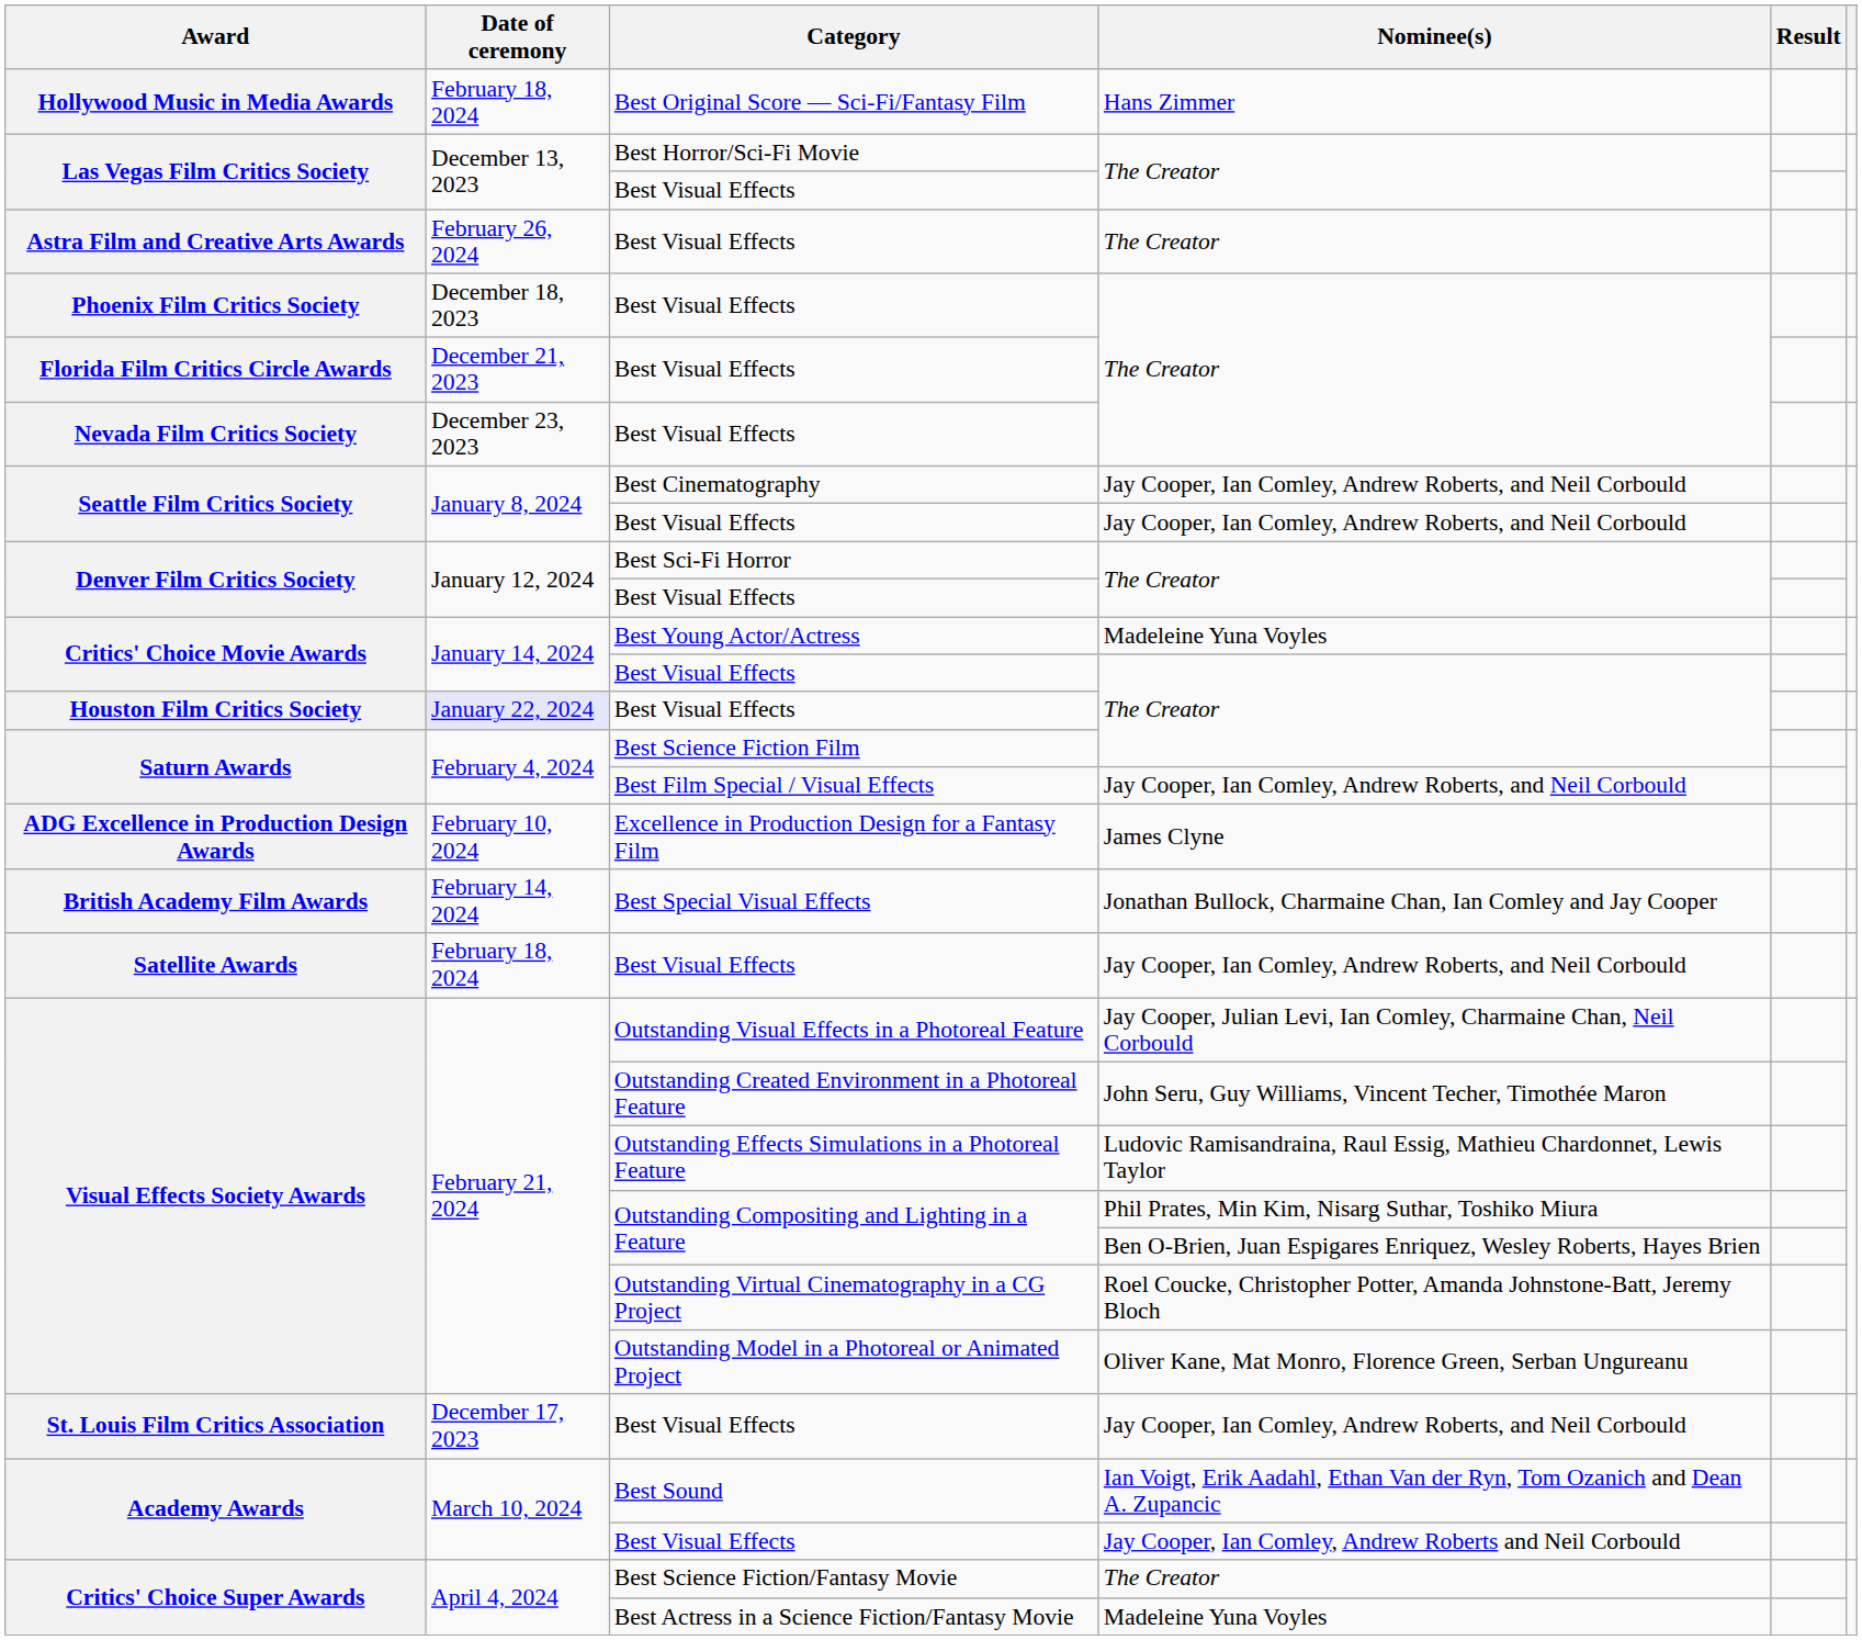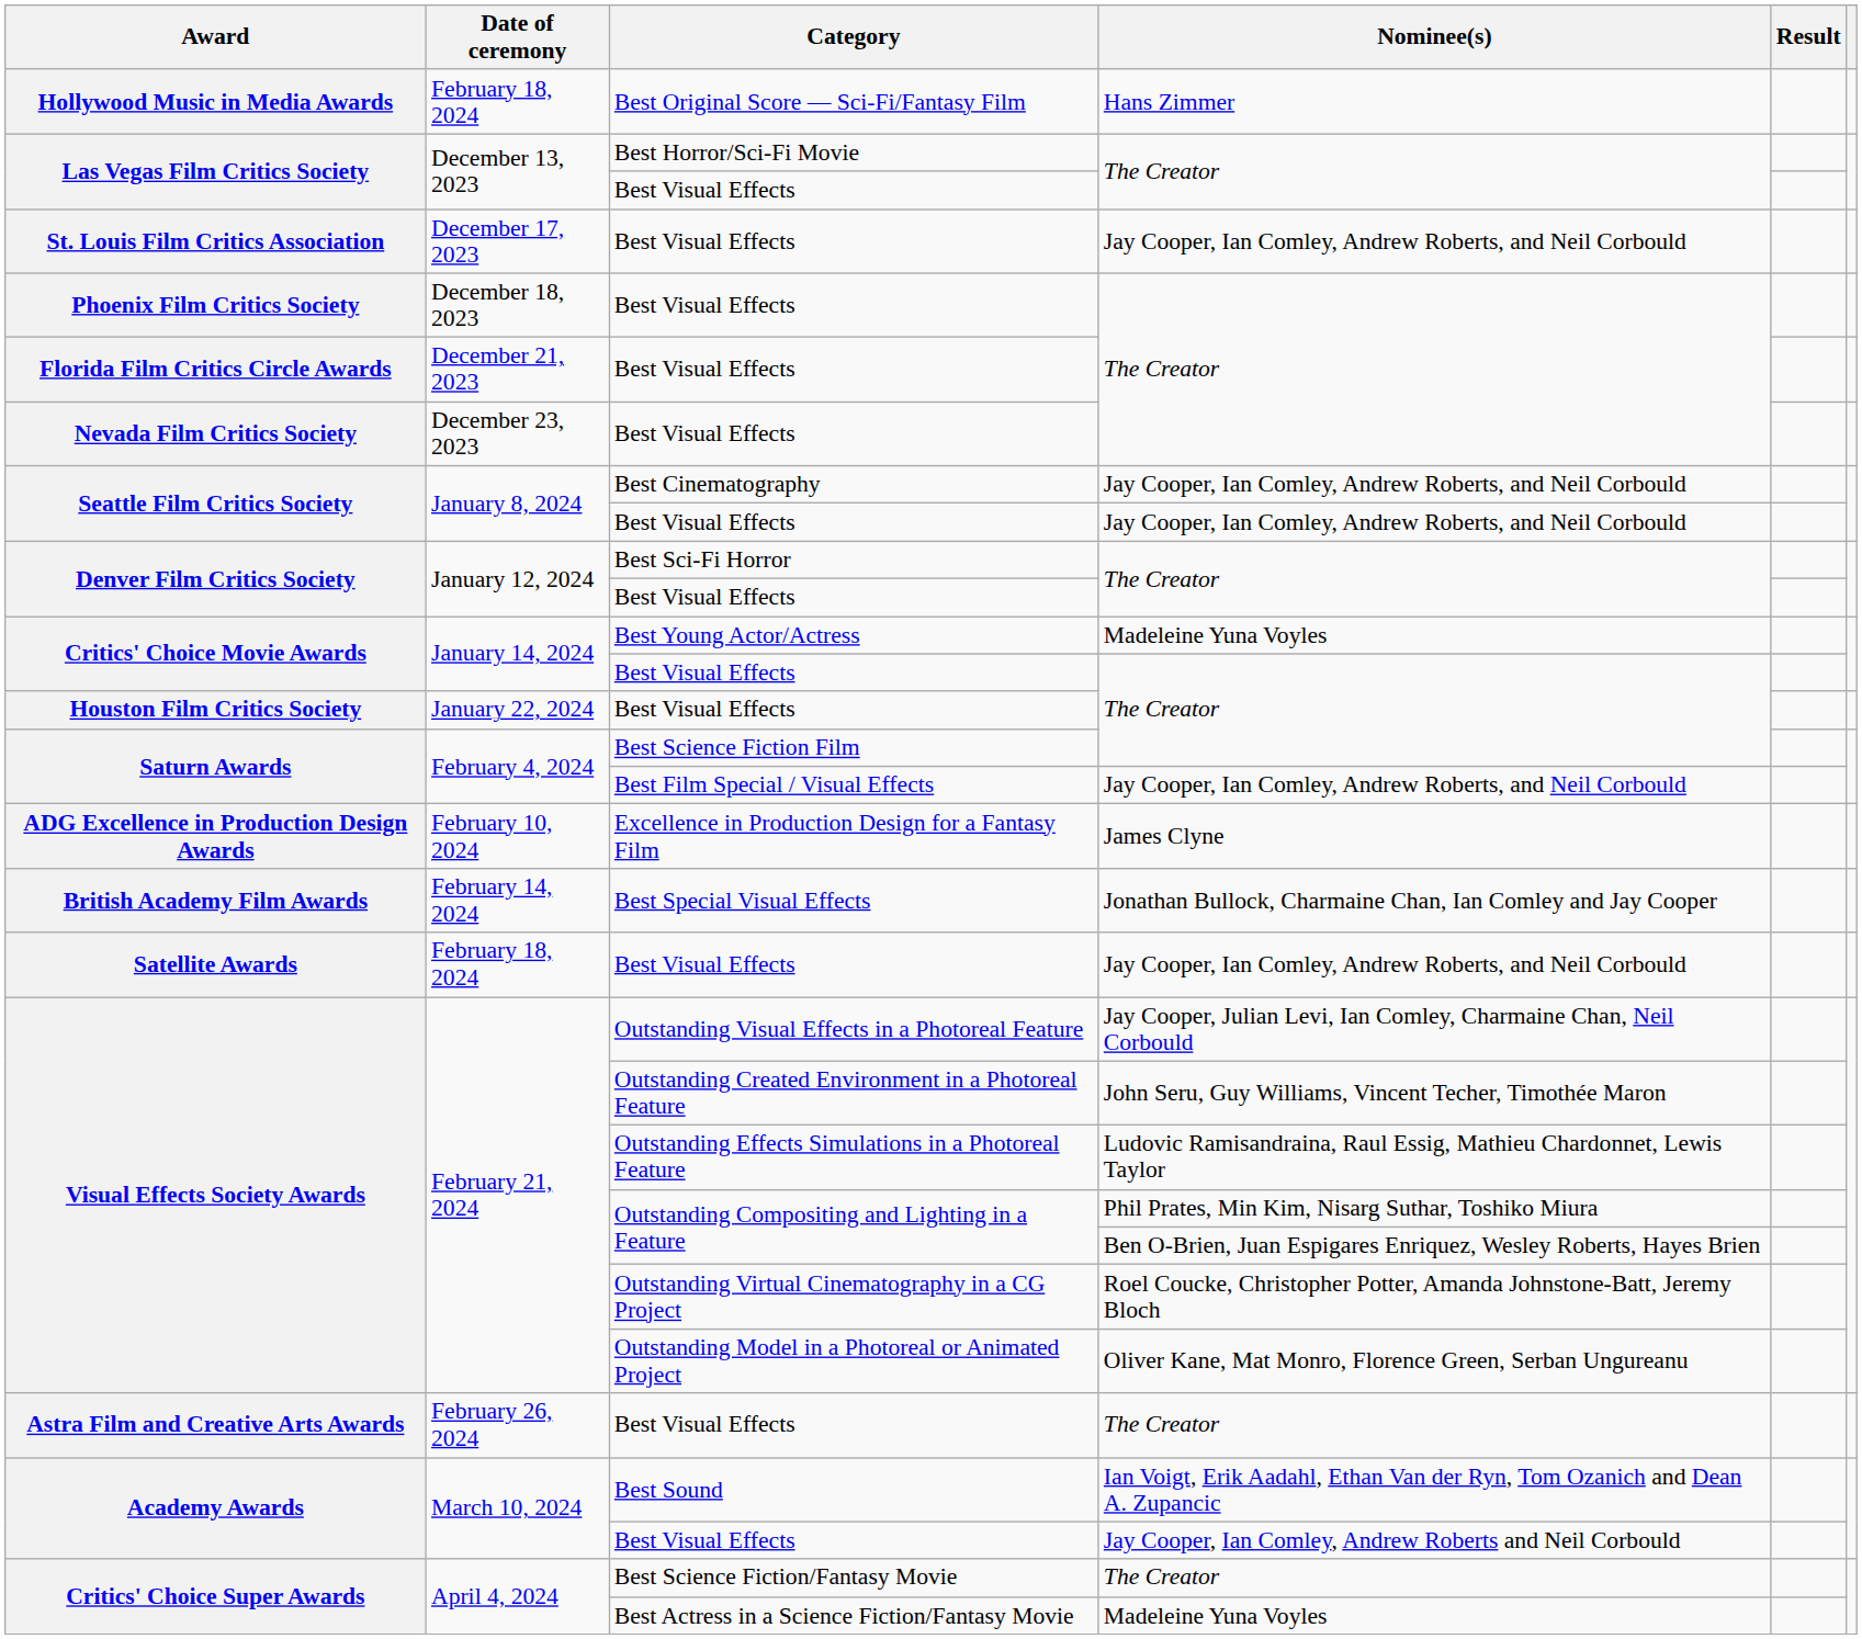 <table class="wikitable sortable plainrowheaders" style="width: 99%">
 <tr>
 <th scope="col">Award</th>
 <th scope="col">Date of ceremony</th>
 <th scope="col">Category</th>
 <th scope="col">Nominee(s)</th>
 <th scope="col">Result</th>
 <th scope="col" class="unsortable"></th>
 </tr>
 <tr>
 <th scope="row"><a href='#'>Hollywood Music in Media Awards</a></th>
 <td><a href='#'>February 18, 2024</a></td>
 <td><a href='#'>Best Original Score — Sci-Fi/Fantasy Film</a></td>
 <td><a href='#'>Hans Zimmer</a></td>
 <td></td>
 <td align="center"></td>
 </tr>
 <tr>
 <th rowspan="2" scope="row"><a href='#'>Las Vegas Film Critics Society</a></th>
 <td rowspan="2">December 13, 2023</td>
 <td>Best Horror/Sci-Fi Movie</td>
 <td rowspan="2"><em>The Creator</em></td>
 <td></td>
 <td rowspan="2" align="center"></td>
 </tr>
 <tr>
 <td>Best Visual Effects</td>
 <td></td>
 </tr>
 <tr>
-<th scope="row"><a href='#'>Astra Film and Creative Arts Awards</a></th>
-<td><a href='#'>February 26, 2024</a></td>
+<th scope="row"><a href='#'>St. Louis Film Critics Association</a></th>
+<td><a href='#'>December 17, 2023</a></td>
 <td>Best Visual Effects</td>
-<td><em>The Creator</em></td>
+<td>Jay Cooper, Ian Comley, Andrew Roberts, and Neil Corbould</td>
 <td></td>
 <td align="center"></td>
 </tr>
 <tr>
 <th scope="row"><a href='#'>Phoenix Film Critics Society</a></th>
 <td>December 18, 2023</td>
 <td>Best Visual Effects</td>
 <td rowspan="3"><em>The Creator</em></td>
 <td></td>
 <td rowspan="1" align="center"></td>
 </tr>
 <tr>
 <th scope="row"><a href='#'>Florida Film Critics Circle Awards</a></th>
 <td><a href='#'>December 21, 2023</a></td>
 <td>Best Visual Effects</td>
 <td></td>
 <td align="center"></td>
 </tr>
 <tr>
 <th scope="row"><a href='#'>Nevada Film Critics Society</a></th>
 <td>December 23, 2023</td>
 <td>Best Visual Effects</td>
 <td></td>
 <td align="center"></td>
 </tr>
 <tr>
 <th rowspan="2" scope="row"><a href='#'>Seattle Film Critics Society</a></th>
 <td rowspan="2"><a href='#'>January 8, 2024</a></td>
 <td>Best Cinematography</td>
 <td>Jay Cooper, Ian Comley, Andrew Roberts, and Neil Corbould</td>
 <td></td>
 <td rowspan="2" align="center"></td>
 </tr>
 <tr>
 <td>Best Visual Effects</td>
 <td>Jay Cooper, Ian Comley, Andrew Roberts, and Neil Corbould</td>
 <td></td>
 </tr>
 <tr>
 <th rowspan="2" scope="row"><a href='#'>Denver Film Critics Society</a></th>
 <td rowspan="2">January 12, 2024</td>
 <td>Best Sci-Fi Horror</td>
 <td rowspan="2"><em>The Creator</em></td>
 <td></td>
 <td rowspan="2" align="center"></td>
 </tr>
 <tr>
 <td>Best Visual Effects</td>
 <td></td>
 </tr>
 <tr>
 <th rowspan="2" scope="row"><a href='#'>Critics' Choice Movie Awards</a></th>
 <td rowspan="2"><a href='#'>January 14, 2024</a></td>
 <td><a href='#'>Best Young Actor/Actress</a></td>
 <td>Madeleine Yuna Voyles</td>
 <td></td>
 <td rowspan="2" align="center"></td>
 </tr>
 <tr>
 <td><a href='#'>Best Visual Effects</a></td>
 <td rowspan="3"><em>The Creator</em></td>
 <td></td>
 </tr>
 <tr>
 <th scope="row"><a href='#'>Houston Film Critics Society</a></th>
-<td style="background: lavender;"><a href='#'>January 22, 2024</a></td>
+<td><a href='#'>January 22, 2024</a></td>
 <td>Best Visual Effects</td>
 <td></td>
 <td align="center"><br></td>
 </tr>
 <tr>
 <th scope="row" rowspan="2"><a href='#'>Saturn Awards</a></th>
 <td rowspan="2"><a href='#'>February 4, 2024</a></td>
 <td><a href='#'>Best Science Fiction Film</a></td>
 <td></td>
 <td align="center" rowspan="2"></td>
 </tr>
 <tr>
 <td><a href='#'>Best Film Special / Visual Effects</a></td>
 <td>Jay Cooper, Ian Comley, Andrew Roberts, and <a href='#'>Neil Corbould</a></td>
 <td></td>
 </tr>
 <tr>
 <th scope="row"><a href='#'>ADG Excellence in Production Design Awards</a></th>
 <td><a href='#'>February 10, 2024</a></td>
 <td><a href='#'>Excellence in Production Design for a Fantasy Film</a></td>
 <td>James Clyne</td>
 <td></td>
 <td align="center"></td>
 </tr>
 <tr>
 <th scope="row"><a href='#'>British Academy Film Awards</a></th>
 <td><a href='#'>February 14, 2024</a></td>
 <td><a href='#'>Best Special Visual Effects</a></td>
 <td>Jonathan Bullock, Charmaine Chan, Ian Comley and Jay Cooper</td>
 <td></td>
 <td align="center"></td>
 </tr>
 <tr>
 <th scope="row"><a href='#'>Satellite Awards</a></th>
 <td><a href='#'>February 18, 2024</a></td>
 <td><a href='#'>Best Visual Effects</a></td>
 <td>Jay Cooper, Ian Comley, Andrew Roberts, and Neil Corbould</td>
 <td></td>
 <td align="center"></td>
 </tr>
 <tr>
 <th scope="row" rowspan="7"><a href='#'>Visual Effects Society Awards</a></th>
 <td rowspan="7"><a href='#'>February 21, 2024</a></td>
 <td><a href='#'>Outstanding Visual Effects in a Photoreal Feature</a></td>
 <td>Jay Cooper, Julian Levi, Ian Comley, Charmaine Chan, <a href='#'>Neil Corbould</a></td>
 <td></td>
 <td rowspan="7"></td>
 </tr>
 <tr>
 <td><a href='#'>Outstanding Created Environment in a Photoreal Feature</a></td>
 <td>John Seru, Guy Williams, Vincent Techer, Timothée Maron <br></td>
 <td></td>
 </tr>
 <tr>
 <td><a href='#'>Outstanding Effects Simulations in a Photoreal Feature</a></td>
 <td>Ludovic Ramisandraina, Raul Essig, Mathieu Chardonnet, Lewis Taylor</td>
 <td></td>
 </tr>
 <tr>
 <td rowspan="2"><a href='#'>Outstanding Compositing and Lighting in a Feature</a></td>
 <td>Phil Prates, Min Kim, Nisarg Suthar, Toshiko Miura<br></td>
 <td></td>
 </tr>
 <tr>
 <td>Ben O-Brien, Juan Espigares Enriquez, Wesley Roberts, Hayes Brien <br></td>
 <td></td>
 </tr>
 <tr>
 <td><a href='#'>Outstanding Virtual Cinematography in a CG Project</a></td>
 <td>Roel Coucke, Christopher Potter, Amanda Johnstone-Batt, Jeremy Bloch</td>
 <td></td>
 </tr>
 <tr>
 <td><a href='#'>Outstanding Model in a Photoreal or Animated Project</a></td>
 <td>Oliver Kane, Mat Monro, Florence Green, Serban Ungureanu <br></td>
 <td></td>
 </tr>
 <tr>
-<th scope="row"><a href='#'>St. Louis Film Critics Association</a></th>
-<td><a href='#'>December 17, 2023</a></td>
+<th scope="row"><a href='#'>Astra Film and Creative Arts Awards</a></th>
+<td><a href='#'>February 26, 2024</a></td>
 <td>Best Visual Effects</td>
-<td>Jay Cooper, Ian Comley, Andrew Roberts, and Neil Corbould</td>
+<td><em>The Creator</em></td>
 <td></td>
 <td align="center"></td>
 </tr>
 <tr>
 <th scope="row" rowspan="2"><a href='#'>Academy Awards</a></th>
 <td rowspan="2"><a href='#'>March 10, 2024</a></td>
 <td><a href='#'>Best Sound</a></td>
 <td><a href='#'>Ian Voigt</a>, <a href='#'>Erik Aadahl</a>, <a href='#'>Ethan Van der Ryn</a>, <a href='#'>Tom Ozanich</a> and <a href='#'>Dean A. Zupancic</a></td>
 <td></td>
 <td rowspan="2"></td>
 </tr>
 <tr>
 <td><a href='#'>Best Visual Effects</a></td>
 <td><a href='#'>Jay Cooper</a>, <a href='#'>Ian Comley</a>, <a href='#'>Andrew Roberts</a> and Neil Corbould</td>
 <td></td>
 </tr>
 <tr>
 <th scope="row" rowspan="2"><a href='#'>Critics' Choice Super Awards</a></th>
 <td rowspan="2"><a href='#'>April 4, 2024</a></td>
 <td>Best Science Fiction/Fantasy Movie</td>
 <td><em>The Creator</em></td>
 <td></td>
 <td style="text-align:center;" rowspan="2"></td>
 </tr>
 <tr>
 <td>Best Actress in a Science Fiction/Fantasy Movie</td>
 <td>Madeleine Yuna Voyles</td>
 <td></td>
 </tr>
 <tr>
 </tr>
 </table>
